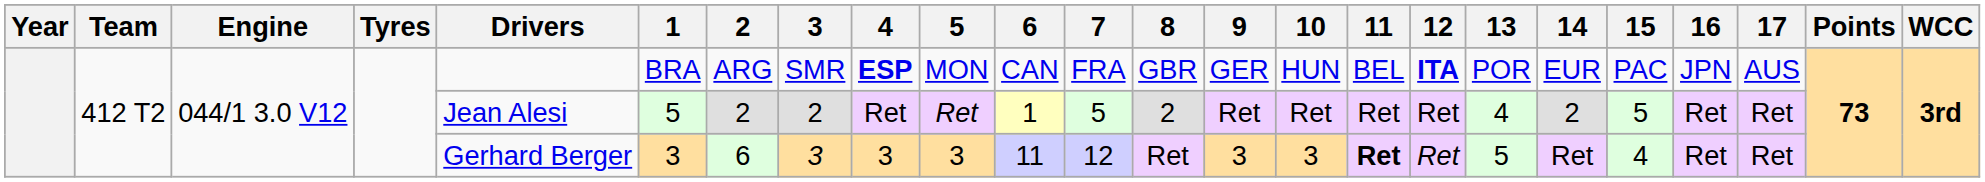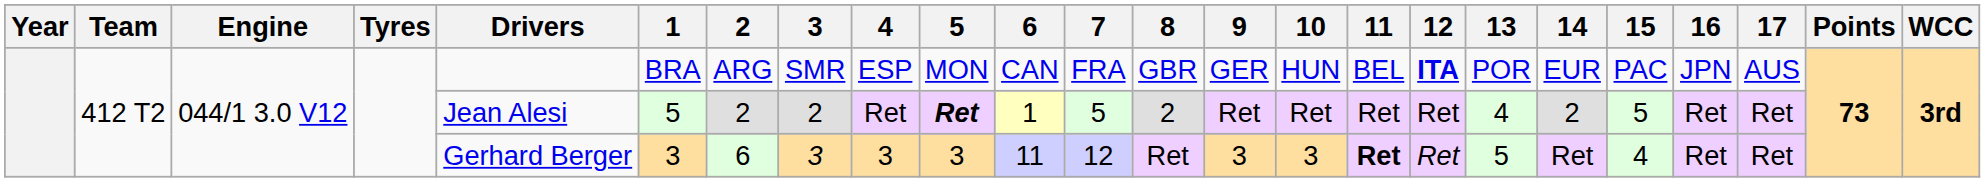 <table class="wikitable" style="text-align:center; font-size:95%">
 <tr>
 <th>Year</th>
 <th>Team</th>
 <th>Engine</th>
 <th>Tyres</th>
 <th>Drivers</th>
 <th>1</th>
 <th>2</th>
 <th>3</th>
 <th>4</th>
 <th>5</th>
 <th>6</th>
 <th>7</th>
 <th>8</th>
 <th>9</th>
 <th>10</th>
 <th>11</th>
 <th>12</th>
 <th>13</th>
 <th>14</th>
 <th>15</th>
 <th>16</th>
 <th>17</th>
 <th>Points</th>
 <th>WCC</th>
 </tr>
 <tr>
 <th rowspan="3"></th>
 <td rowspan="3">412 T2</td>
 <td rowspan="3">044/1 3.0 <a href='#'>V12</a></td>
 <td rowspan="3"></td>
 <td></td>
 <td><a href='#'>BRA</a></td>
 <td><a href='#'>ARG</a></td>
 <td><a href='#'>SMR</a></td>
-<td><strong><a href='#'>ESP</a></strong></td>
+<td><a href='#'>ESP</a></td>
 <td><a href='#'>MON</a></td>
 <td><a href='#'>CAN</a></td>
 <td><a href='#'>FRA</a></td>
 <td><a href='#'>GBR</a></td>
 <td><a href='#'>GER</a></td>
 <td><a href='#'>HUN</a></td>
 <td><a href='#'>BEL</a></td>
 <td><strong><a href='#'>ITA</a></strong></td>
 <td><a href='#'>POR</a></td>
 <td><a href='#'>EUR</a></td>
 <td><a href='#'>PAC</a></td>
 <td><a href='#'>JPN</a></td>
 <td><a href='#'>AUS</a></td>
 <td rowspan="3" style="background:#FFDF9F;"><strong>73</strong></td>
 <td rowspan="3" style="background:#FFDF9F;"><strong>3rd</strong></td>
 </tr>
 <tr>
 <td align="left"> <a href='#'>Jean Alesi</a></td>
 <td style="background:#DFFFDF;" align="center">5</td>
 <td style="background:#DFDFDF;" align="center">2</td>
 <td style="background:#DFDFDF;" align="center">2</td>
 <td style="background:#EFCFFF;" align="center">Ret</td>
-<td style="background:#EFCFFF;" align="center"><em>Ret</em></td>
+<td style="background:#EFCFFF;" align="center"><strong><em>Ret</em></strong></td>
 <td style="background:#FFFFBF;" align="center">1</td>
 <td style="background:#DFFFDF;" align="center">5</td>
 <td style="background:#DFDFDF;" align="center">2</td>
 <td style="background:#EFCFFF;" align="center">Ret</td>
 <td style="background:#EFCFFF;" align="center">Ret</td>
 <td style="background:#EFCFFF;" align="center">Ret</td>
 <td style="background:#EFCFFF;" align="center">Ret</td>
 <td style="background:#DFFFDF;">4</td>
 <td style="background:#DFDFDF;" align="center">2</td>
 <td style="background:#DFFFDF;" align="center">5</td>
 <td style="background:#EFCFFF;" align="center">Ret</td>
 <td style="background:#EFCFFF;" align="center">Ret</td>
 </tr>
 <tr>
 <td align="left"> <a href='#'>Gerhard Berger</a></td>
 <td style="background:#FFDF9F;">3</td>
 <td style="background:#DFFFDF;">6</td>
 <td style="background:#FFDF9F;"><em>3</em></td>
 <td style="background:#FFDF9F;">3</td>
 <td style="background:#FFDF9F;">3</td>
 <td style="background:#CFCFFF;">11</td>
 <td style="background:#CFCFFF;">12</td>
 <td style="background:#EFCFFF;">Ret</td>
 <td style="background:#FFDF9F;">3</td>
 <td style="background:#FFDF9F;">3</td>
 <td style="background:#EFCFFF;"><strong>Ret</strong></td>
 <td style="background:#EFCFFF;"><em>Ret</em></td>
 <td style="background:#DFFFDF;" align="center">5</td>
 <td style="background:#EFCFFF;">Ret</td>
 <td style="background:#DFFFDF;">4</td>
 <td style="background:#EFCFFF;">Ret</td>
 <td style="background:#EFCFFF;">Ret</td>
 </tr>
 </table>
